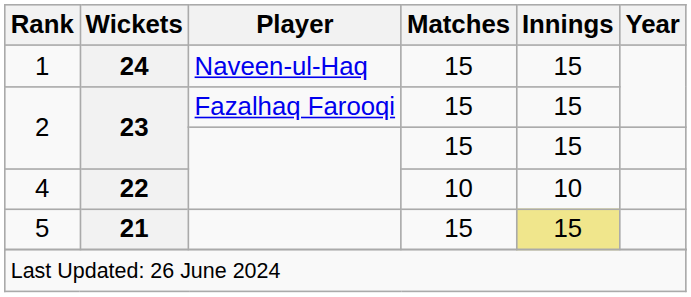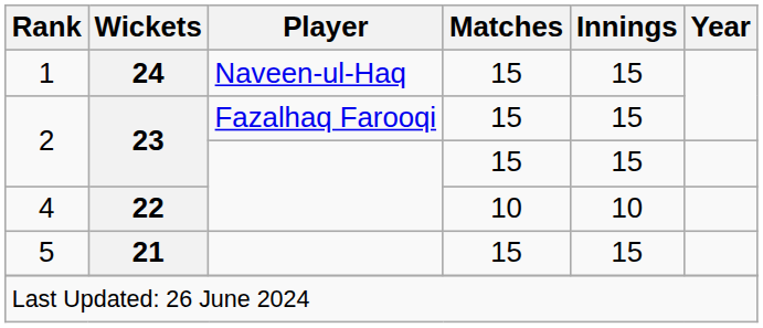 <table class="wikitable plainrowheaders sortable">
 <tr>
 <th scope=col>Rank</th>
 <th scope=col>Wickets</th>
 <th scope=col>Player</th>
 <th scope=col>Matches</th>
 <th scope=col>Innings</th>
 <th scope=col>Year</th>
 </tr>
 <tr>
 <td align=center>1</td>
 <th scope=row style=text-align:center;>24</th>
 <td><a href='#'>Naveen-ul-Haq</a></td>
 <td align=center>15</td>
 <td align=center>15</td>
 <td rowspan=2></td>
 </tr>
 <tr>
 <td align=center rowspan=2>2</td>
 <th scope=row style=text-align:center; rowspan=2>23</th>
 <td><a href='#'>Fazalhaq Farooqi</a></td>
 <td align=center>15</td>
 <td align=center>15</td>
 </tr>
 <tr>
 <td rowspan=2></td>
 <td align=center>15</td>
 <td align=center>15</td>
 <td></td>
 </tr>
 <tr>
 <td align=center>4</td>
 <th scope=row style=text-align:center;>22</th>
 <td align=center>10</td>
 <td align=center>10</td>
 <td></td>
 </tr>
 <tr>
 <td align=center>5</td>
 <th scope=row style=text-align:center;>21</th>
 <td></td>
 <td align=center>15</td>
-<td align=center style="background: khaki;">15</td>
+<td align=center>15</td>
 <td></td>
 </tr>
 <tr>
 </tr>
 <tr class=sortbottom>
 <td colspan=6><small>Last Updated: 26 June 2024</small></td>
 </tr>
 </table>
